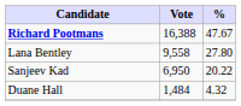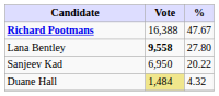 <table class="wikitable">
 <tr>
 <th style="background:#ddf; width:200px;">Candidate</th>
 <th style="background:#ddf; width:50px;">Vote</th>
 <th style="background:#ddf; width:30px;">%</th>
 </tr>
 <tr>
 <td><strong><a href='#'>Richard Pootmans</a></strong></td>
 <td>16,388</td>
 <td>47.67</td>
 </tr>
 <tr>
 <td>Lana Bentley</td>
-<td>9,558</td>
+<td><strong>9,558</strong></td>
 <td>27.80</td>
 </tr>
 <tr>
 <td>Sanjeev Kad</td>
 <td>6,950</td>
 <td>20.22</td>
 </tr>
 <tr>
 <td>Duane Hall</td>
-<td>1,484</td>
+<td style="background: khaki;">1,484</td>
 <td>4.32</td>
 </tr>
 <tr>
 </tr>
 </table>
